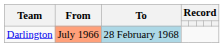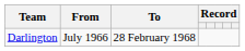 <table class=wikitable style="text-align:left">
 <tr>
 <th rowspan="2">Team</th>
 <th rowspan="2">From</th>
 <th rowspan="2">To</th>
 <th colspan="5">Record</th>
 </tr>
 <tr>
 <th></th>
 <th></th>
 <th></th>
 <th></th>
 <th></th>
 </tr>
 <tr>
 <td><a href='#'>Darlington</a></td>
-<td style="background: lightsalmon;">July 1966</td>
-<td style="background: lightblue;">28 February 1968<br></td>
+<td>July 1966</td>
+<td>28 February 1968<br></td>
 </tr>
 </table>
